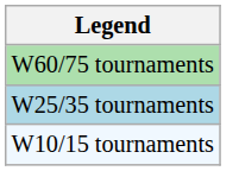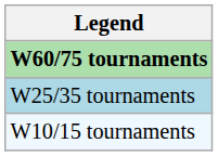 <table class="wikitable" style="font-size:85%">
 <tr>
 <th>Legend</th>
 </tr>
 <tr style="background:#addfad;">
-<td>W60/75 tournaments</td>
+<td><strong>W60/75 tournaments</strong></td>
 </tr>
 <tr style="background:lightblue;">
 <td>W25/35 tournaments</td>
 </tr>
 <tr style="background:#f0f8ff;">
 <td>W10/15 tournaments</td>
 </tr>
 </table>
